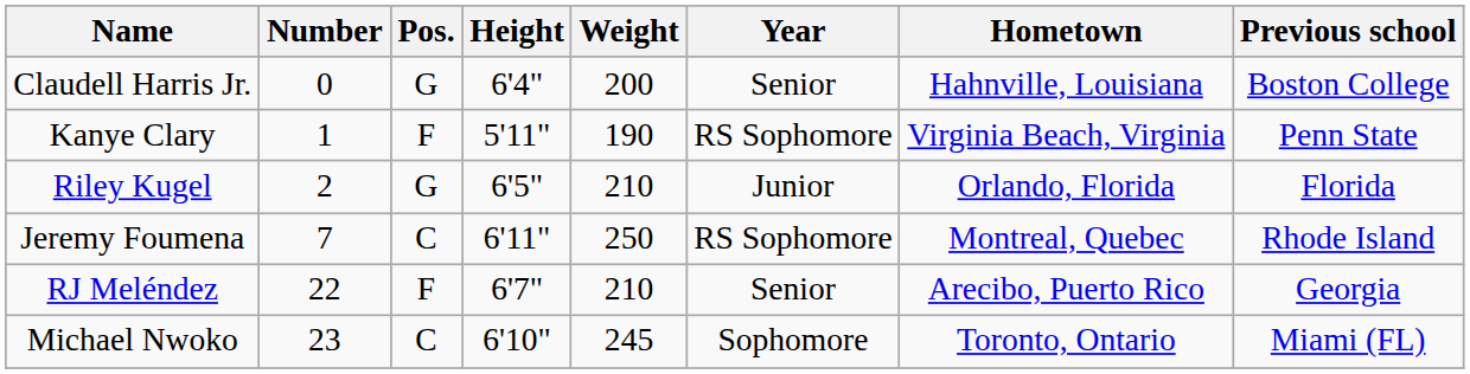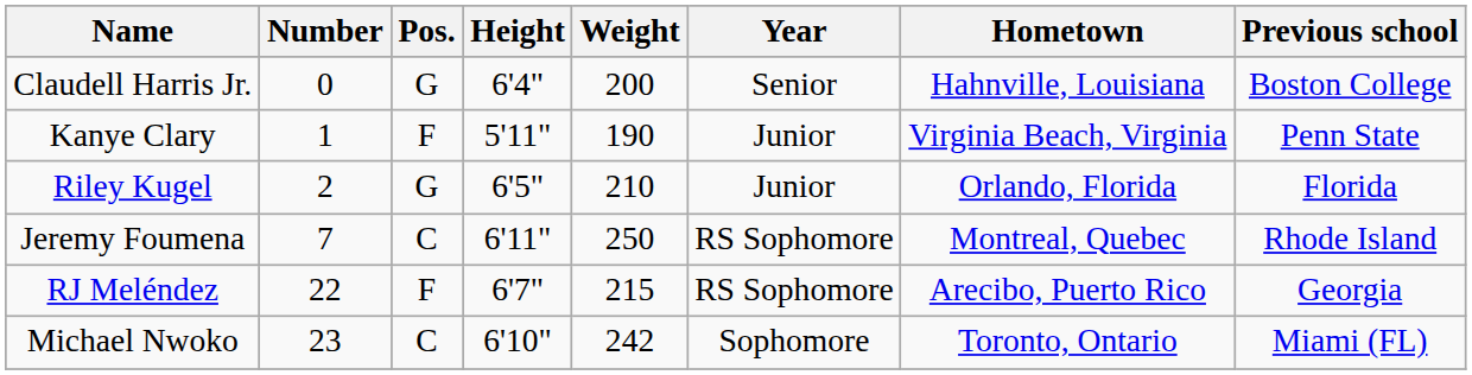 <table class="wikitable sortable" style="text-align:center">
 <tr align=center>
 <th>Name</th>
 <th>Number</th>
 <th>Pos.</th>
 <th>Height</th>
 <th>Weight</th>
 <th>Year</th>
 <th>Hometown</th>
 <th class="unsortable">Previous school</th>
 </tr>
 <tr>
 <td>Claudell Harris Jr.</td>
 <td>0</td>
 <td>G</td>
 <td>6'4"</td>
 <td>200</td>
 <td>Senior</td>
 <td><a href='#'>Hahnville, Louisiana</a></td>
 <td><a href='#'>Boston College</a></td>
 </tr>
 <tr>
 <td>Kanye Clary</td>
 <td>1</td>
 <td>F</td>
 <td>5'11"</td>
 <td>190</td>
-<td>RS Sophomore</td>
+<td>Junior</td>
 <td><a href='#'>Virginia Beach, Virginia</a></td>
 <td><a href='#'>Penn State</a></td>
 </tr>
 <tr>
 <td><a href='#'>Riley Kugel</a></td>
 <td>2</td>
 <td>G</td>
 <td>6'5"</td>
 <td>210</td>
 <td>Junior</td>
 <td><a href='#'>Orlando, Florida</a></td>
 <td><a href='#'>Florida</a></td>
 </tr>
 <tr>
 <td>Jeremy Foumena</td>
 <td>7</td>
 <td>C</td>
 <td>6'11"</td>
 <td>250</td>
 <td>RS Sophomore</td>
 <td><a href='#'>Montreal, Quebec</a></td>
 <td><a href='#'>Rhode Island</a></td>
 </tr>
 <tr>
 <td><a href='#'>RJ Meléndez</a></td>
 <td>22</td>
 <td>F</td>
 <td>6'7"</td>
-<td>210</td>
-<td>Senior</td>
+<td>215</td>
+<td>RS Sophomore</td>
 <td><a href='#'>Arecibo, Puerto Rico</a></td>
 <td><a href='#'>Georgia</a></td>
 </tr>
 <tr>
 <td>Michael Nwoko</td>
 <td>23</td>
 <td>C</td>
 <td>6'10"</td>
-<td>245</td>
+<td>242</td>
 <td>Sophomore</td>
 <td><a href='#'>Toronto, Ontario</a></td>
 <td><a href='#'>Miami (FL)</a></td>
 </tr>
 </table>
